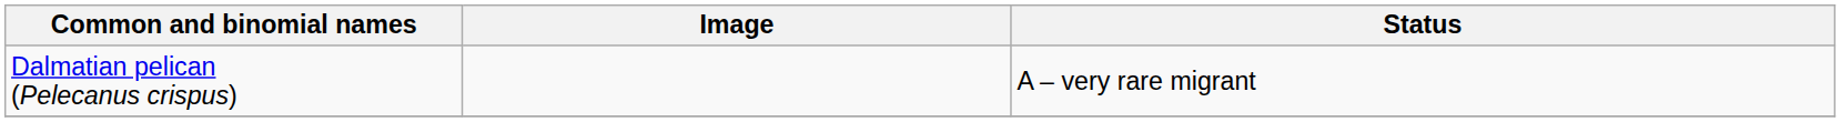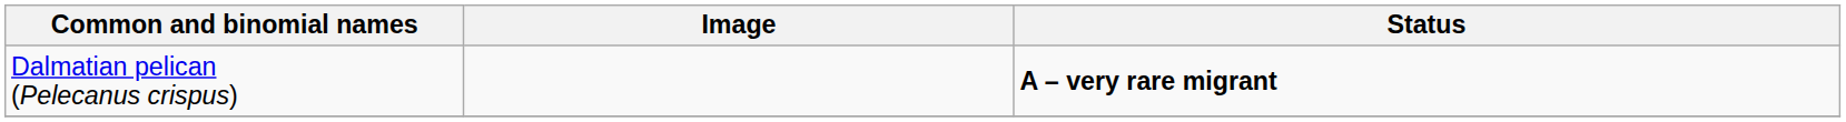 <table width=90% class="wikitable">
 <tr>
 <th width=25%>Common and binomial names</th>
 <th width=30%>Image</th>
 <th width=45%>Status</th>
 </tr>
 <tr>
 <td><a href='#'>Dalmatian pelican</a><br>(<em>Pelecanus crispus</em>)</td>
 <td></td>
-<td>A – very rare migrant</td>
+<td><strong>A – very rare migrant</strong></td>
 </tr>
 <tr>
 </tr>
 </table>
